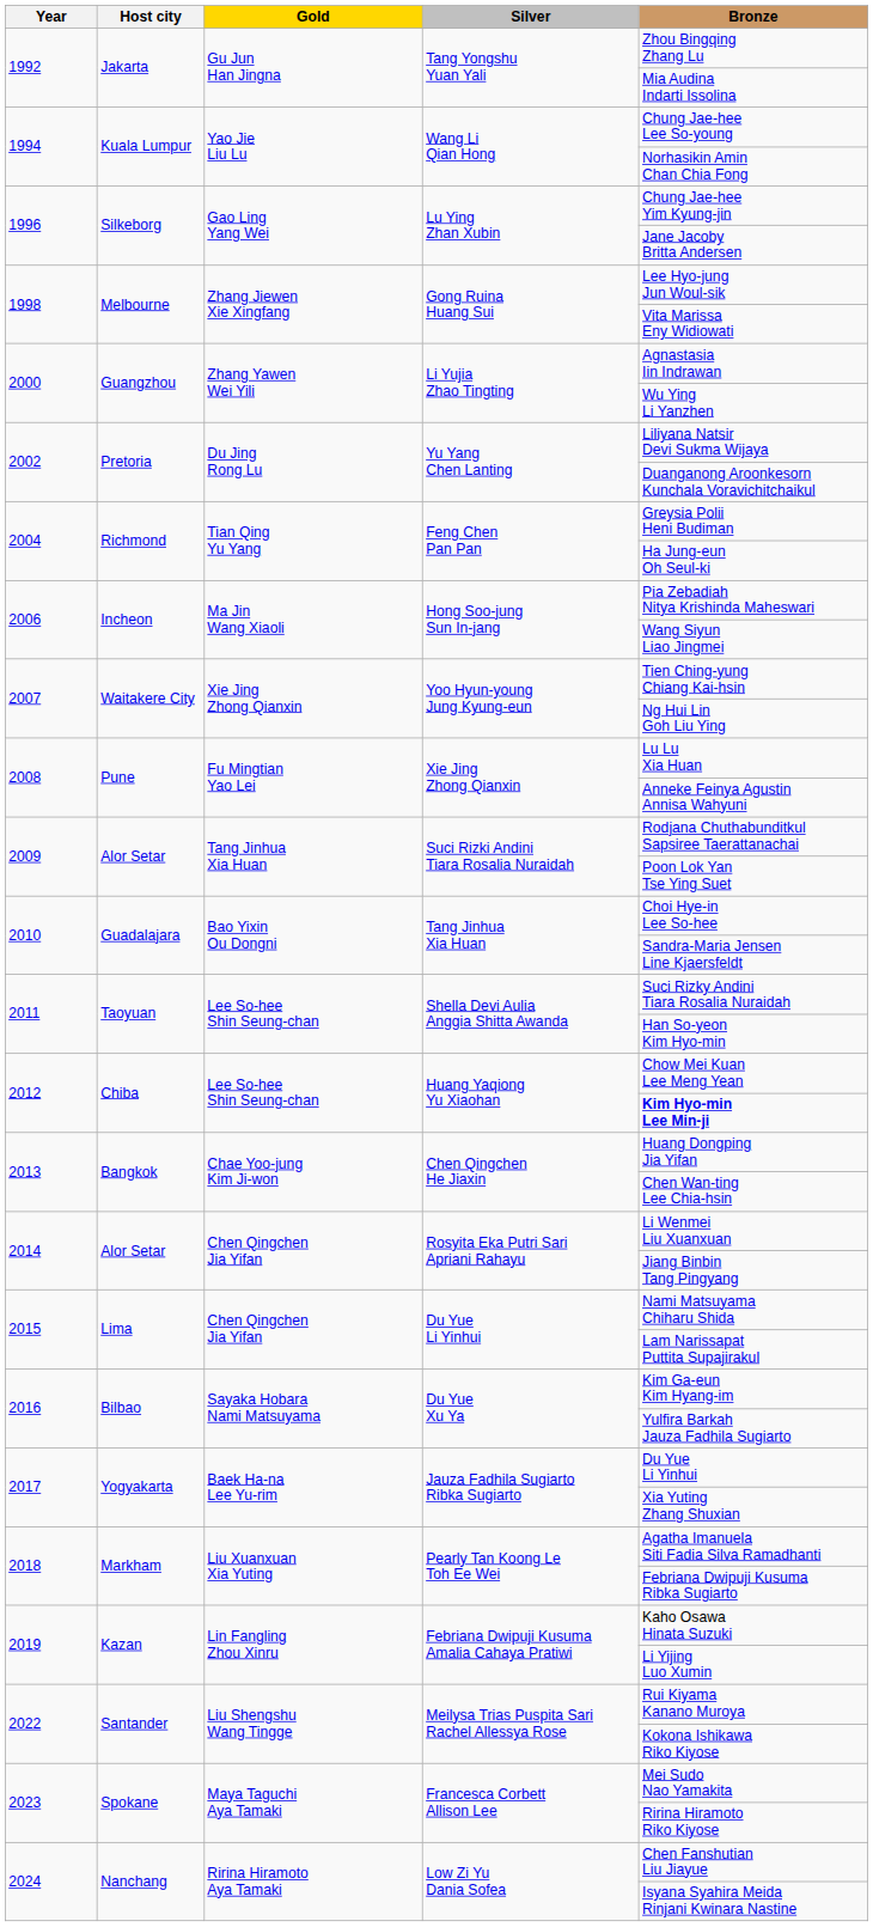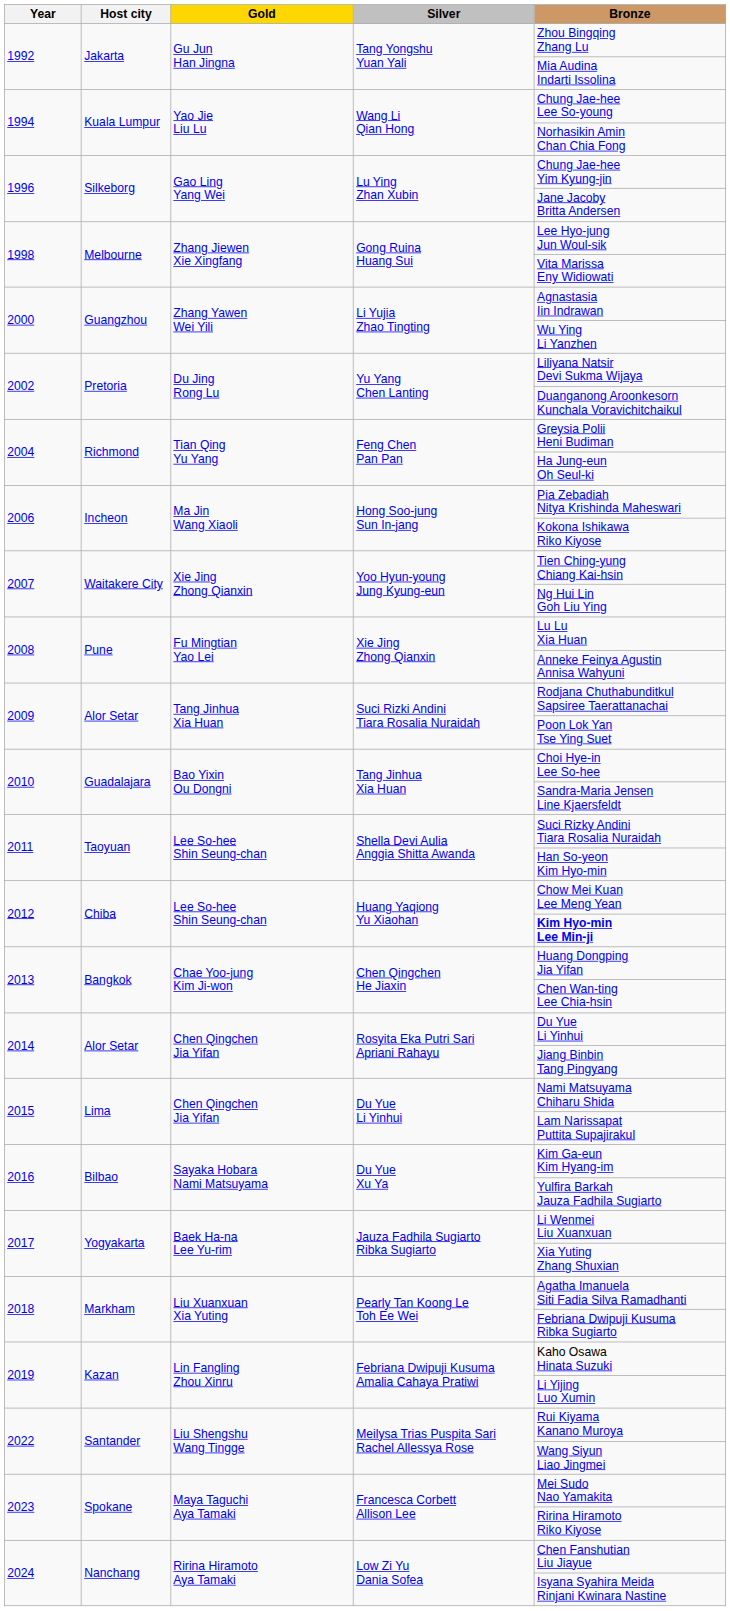 <table class="wikitable" style="text-align: left; width: 950px;">
 <tr>
 <th width="120">Year</th>
 <th width="120">Host city</th>
 <th width="300" style="background-color: gold">Gold</th>
 <th width="300" style="background-color: silver">Silver</th>
 <th width="300" style="background-color: #cc9966">Bronze</th>
 </tr>
 <tr>
 <td rowspan="2"><a href='#'>1992</a></td>
 <td rowspan="2"><a href='#'>Jakarta</a></td>
 <td rowspan="2"> <a href='#'>Gu Jun</a><br> <a href='#'>Han Jingna</a></td>
 <td rowspan="2"> <a href='#'>Tang Yongshu</a><br> <a href='#'>Yuan Yali</a></td>
 <td> <a href='#'>Zhou Bingqing</a><br> <a href='#'>Zhang Lu</a></td>
 </tr>
 <tr>
 <td> <a href='#'>Mia Audina</a><br> <a href='#'>Indarti Issolina</a></td>
 </tr>
 <tr>
 <td rowspan="2"><a href='#'>1994</a></td>
 <td rowspan="2"><a href='#'>Kuala Lumpur</a></td>
 <td rowspan="2"> <a href='#'>Yao Jie</a><br> <a href='#'>Liu Lu</a></td>
 <td rowspan="2"> <a href='#'>Wang Li</a><br> <a href='#'>Qian Hong</a></td>
 <td> <a href='#'>Chung Jae-hee</a><br> <a href='#'>Lee So-young</a></td>
 </tr>
 <tr>
 <td> <a href='#'>Norhasikin Amin</a><br> <a href='#'>Chan Chia Fong</a></td>
 </tr>
 <tr>
 <td rowspan="2"><a href='#'>1996</a></td>
 <td rowspan="2"><a href='#'>Silkeborg</a></td>
 <td rowspan="2"> <a href='#'>Gao Ling</a><br> <a href='#'>Yang Wei</a></td>
 <td rowspan="2"> <a href='#'>Lu Ying</a><br> <a href='#'>Zhan Xubin</a></td>
 <td> <a href='#'>Chung Jae-hee</a><br> <a href='#'>Yim Kyung-jin</a></td>
 </tr>
 <tr>
 <td> <a href='#'>Jane Jacoby</a><br> <a href='#'>Britta Andersen</a></td>
 </tr>
 <tr>
 <td rowspan="2"><a href='#'>1998</a></td>
 <td rowspan="2"><a href='#'>Melbourne</a></td>
 <td rowspan="2"> <a href='#'>Zhang Jiewen</a><br> <a href='#'>Xie Xingfang</a></td>
 <td rowspan="2"> <a href='#'>Gong Ruina</a><br> <a href='#'>Huang Sui</a></td>
 <td> <a href='#'>Lee Hyo-jung</a><br> <a href='#'>Jun Woul-sik</a></td>
 </tr>
 <tr>
 <td> <a href='#'>Vita Marissa</a><br> <a href='#'>Eny Widiowati</a></td>
 </tr>
 <tr>
 <td rowspan="2"><a href='#'>2000</a></td>
 <td rowspan="2"><a href='#'>Guangzhou</a></td>
 <td rowspan="2"> <a href='#'>Zhang Yawen</a><br> <a href='#'>Wei Yili</a></td>
 <td rowspan="2"> <a href='#'>Li Yujia</a><br> <a href='#'>Zhao Tingting</a></td>
 <td> <a href='#'>Agnastasia</a><br> <a href='#'>Iin Indrawan</a></td>
 </tr>
 <tr>
 <td> <a href='#'>Wu Ying</a><br> <a href='#'>Li Yanzhen</a></td>
 </tr>
 <tr>
 <td rowspan="2"><a href='#'>2002</a></td>
 <td rowspan="2"><a href='#'>Pretoria</a></td>
 <td rowspan="2"> <a href='#'>Du Jing</a><br> <a href='#'>Rong Lu</a></td>
 <td rowspan="2"> <a href='#'>Yu Yang</a><br> <a href='#'>Chen Lanting</a></td>
 <td> <a href='#'>Liliyana Natsir</a><br> <a href='#'>Devi Sukma Wijaya</a></td>
 </tr>
 <tr>
 <td> <a href='#'>Duanganong Aroonkesorn</a><br> <a href='#'>Kunchala Voravichitchaikul</a></td>
 </tr>
 <tr>
 <td rowspan="2"><a href='#'>2004</a></td>
 <td rowspan="2"><a href='#'>Richmond</a></td>
 <td rowspan="2"> <a href='#'>Tian Qing</a><br> <a href='#'>Yu Yang</a></td>
 <td rowspan="2"> <a href='#'>Feng Chen</a><br> <a href='#'>Pan Pan</a></td>
 <td> <a href='#'>Greysia Polii</a><br> <a href='#'>Heni Budiman</a></td>
 </tr>
 <tr>
 <td> <a href='#'>Ha Jung-eun</a><br> <a href='#'>Oh Seul-ki</a></td>
 </tr>
 <tr>
 <td rowspan="2"><a href='#'>2006</a></td>
 <td rowspan="2"><a href='#'>Incheon</a></td>
 <td rowspan="2"> <a href='#'>Ma Jin</a><br> <a href='#'>Wang Xiaoli</a></td>
 <td rowspan="2"> <a href='#'>Hong Soo-jung</a><br> <a href='#'>Sun In-jang</a></td>
 <td> <a href='#'>Pia Zebadiah</a><br> <a href='#'>Nitya Krishinda Maheswari</a></td>
 </tr>
 <tr>
-<td> <a href='#'>Wang Siyun</a><br> <a href='#'>Liao Jingmei</a></td>
+<td> <a href='#'>Kokona Ishikawa</a><br> <a href='#'>Riko Kiyose</a></td>
 </tr>
 <tr>
 <td rowspan="2"><a href='#'>2007</a></td>
 <td rowspan="2"><a href='#'>Waitakere City</a></td>
 <td rowspan="2"> <a href='#'>Xie Jing</a><br> <a href='#'>Zhong Qianxin</a></td>
 <td rowspan="2"> <a href='#'>Yoo Hyun-young</a><br> <a href='#'>Jung Kyung-eun</a></td>
 <td> <a href='#'>Tien Ching-yung</a><br> <a href='#'>Chiang Kai-hsin</a></td>
 </tr>
 <tr>
 <td> <a href='#'>Ng Hui Lin</a><br> <a href='#'>Goh Liu Ying</a></td>
 </tr>
 <tr>
 <td rowspan="2"><a href='#'>2008</a></td>
 <td rowspan="2"><a href='#'>Pune</a></td>
 <td rowspan="2"> <a href='#'>Fu Mingtian</a><br> <a href='#'>Yao Lei</a></td>
 <td rowspan="2"> <a href='#'>Xie Jing</a><br> <a href='#'>Zhong Qianxin</a></td>
 <td> <a href='#'>Lu Lu</a><br> <a href='#'>Xia Huan</a></td>
 </tr>
 <tr>
 <td> <a href='#'>Anneke Feinya Agustin</a><br> <a href='#'>Annisa Wahyuni</a></td>
 </tr>
 <tr>
 <td rowspan="2"><a href='#'>2009</a></td>
 <td rowspan="2"><a href='#'>Alor Setar</a></td>
 <td rowspan="2"> <a href='#'>Tang Jinhua</a><br> <a href='#'>Xia Huan</a></td>
 <td rowspan="2"> <a href='#'>Suci Rizki Andini</a><br> <a href='#'>Tiara Rosalia Nuraidah</a></td>
 <td> <a href='#'>Rodjana Chuthabunditkul</a><br> <a href='#'>Sapsiree Taerattanachai</a></td>
 </tr>
 <tr>
 <td> <a href='#'>Poon Lok Yan</a><br> <a href='#'>Tse Ying Suet</a></td>
 </tr>
 <tr>
 <td rowspan="2"><a href='#'>2010</a></td>
 <td rowspan="2"><a href='#'>Guadalajara</a></td>
 <td rowspan="2"> <a href='#'>Bao Yixin</a><br> <a href='#'>Ou Dongni</a></td>
 <td rowspan="2"> <a href='#'>Tang Jinhua</a><br> <a href='#'>Xia Huan</a></td>
 <td> <a href='#'>Choi Hye-in</a><br> <a href='#'>Lee So-hee</a></td>
 </tr>
 <tr>
 <td> <a href='#'>Sandra-Maria Jensen</a><br> <a href='#'>Line Kjaersfeldt</a></td>
 </tr>
 <tr>
 <td rowspan="2"><a href='#'>2011</a></td>
 <td rowspan="2"><a href='#'>Taoyuan</a></td>
 <td rowspan="2"> <a href='#'>Lee So-hee</a><br> <a href='#'>Shin Seung-chan</a></td>
 <td rowspan="2"> <a href='#'>Shella Devi Aulia</a><br> <a href='#'>Anggia Shitta Awanda</a></td>
 <td> <a href='#'>Suci Rizky Andini</a><br> <a href='#'>Tiara Rosalia Nuraidah</a></td>
 </tr>
 <tr>
 <td> <a href='#'>Han So-yeon</a><br> <a href='#'>Kim Hyo-min</a></td>
 </tr>
 <tr>
 <td rowspan="2"><a href='#'>2012</a></td>
 <td rowspan="2"><a href='#'>Chiba</a></td>
 <td rowspan="2"> <a href='#'>Lee So-hee</a><br> <a href='#'>Shin Seung-chan</a></td>
 <td rowspan="2"> <a href='#'>Huang Yaqiong</a><br> <a href='#'>Yu Xiaohan</a></td>
 <td> <a href='#'>Chow Mei Kuan</a><br> <a href='#'>Lee Meng Yean</a></td>
 </tr>
 <tr>
 <td><strong> <a href='#'>Kim Hyo-min</a><br> <a href='#'>Lee Min-ji</a></strong></td>
 </tr>
 <tr>
 <td rowspan="2"><a href='#'>2013</a></td>
 <td rowspan="2"><a href='#'>Bangkok</a></td>
 <td rowspan="2"> <a href='#'>Chae Yoo-jung</a><br> <a href='#'>Kim Ji-won</a></td>
 <td rowspan="2"> <a href='#'>Chen Qingchen</a><br> <a href='#'>He Jiaxin</a></td>
 <td> <a href='#'>Huang Dongping</a><br> <a href='#'>Jia Yifan</a></td>
 </tr>
 <tr>
 <td> <a href='#'>Chen Wan-ting</a><br> <a href='#'>Lee Chia-hsin</a></td>
 </tr>
 <tr>
 <td rowspan="2"><a href='#'>2014</a></td>
 <td rowspan="2"><a href='#'>Alor Setar</a></td>
 <td rowspan="2"> <a href='#'>Chen Qingchen</a><br> <a href='#'>Jia Yifan</a></td>
 <td rowspan="2"> <a href='#'>Rosyita Eka Putri Sari</a><br> <a href='#'>Apriani Rahayu</a></td>
-<td> <a href='#'>Li Wenmei</a><br> <a href='#'>Liu Xuanxuan</a></td>
+<td> <a href='#'>Du Yue</a><br> <a href='#'>Li Yinhui</a></td>
 </tr>
 <tr>
 <td> <a href='#'>Jiang Binbin</a><br> <a href='#'>Tang Pingyang</a></td>
 </tr>
 <tr>
 <td rowspan="2"><a href='#'>2015</a></td>
 <td rowspan="2"><a href='#'>Lima</a></td>
 <td rowspan="2"> <a href='#'>Chen Qingchen</a><br> <a href='#'>Jia Yifan</a></td>
 <td rowspan="2"> <a href='#'>Du Yue</a><br> <a href='#'>Li Yinhui</a></td>
 <td> <a href='#'>Nami Matsuyama</a><br> <a href='#'>Chiharu Shida</a></td>
 </tr>
 <tr>
 <td> <a href='#'>Lam Narissapat</a><br> <a href='#'>Puttita Supajirakul</a></td>
 </tr>
 <tr>
 <td rowspan="2"><a href='#'>2016</a></td>
 <td rowspan="2"><a href='#'>Bilbao</a></td>
 <td rowspan="2"> <a href='#'>Sayaka Hobara</a><br> <a href='#'>Nami Matsuyama</a></td>
 <td rowspan="2"> <a href='#'>Du Yue</a><br> <a href='#'>Xu Ya</a></td>
 <td> <a href='#'>Kim Ga-eun</a><br> <a href='#'>Kim Hyang-im</a></td>
 </tr>
 <tr>
 <td> <a href='#'>Yulfira Barkah</a><br> <a href='#'>Jauza Fadhila Sugiarto</a></td>
 </tr>
 <tr>
 <td rowspan="2"><a href='#'>2017</a></td>
 <td rowspan="2"><a href='#'>Yogyakarta</a></td>
 <td rowspan="2"> <a href='#'>Baek Ha-na</a><br> <a href='#'>Lee Yu-rim</a></td>
 <td rowspan="2"> <a href='#'>Jauza Fadhila Sugiarto</a><br> <a href='#'>Ribka Sugiarto</a></td>
-<td> <a href='#'>Du Yue</a><br> <a href='#'>Li Yinhui</a></td>
+<td> <a href='#'>Li Wenmei</a><br> <a href='#'>Liu Xuanxuan</a></td>
 </tr>
 <tr>
 <td> <a href='#'>Xia Yuting</a><br> <a href='#'>Zhang Shuxian</a></td>
 </tr>
 <tr>
 <td rowspan="2"><a href='#'>2018</a></td>
 <td rowspan="2"><a href='#'>Markham</a></td>
 <td rowspan="2"> <a href='#'>Liu Xuanxuan</a><br> <a href='#'>Xia Yuting</a></td>
 <td rowspan="2"> <a href='#'>Pearly Tan Koong Le</a><br> <a href='#'>Toh Ee Wei</a></td>
 <td> <a href='#'>Agatha Imanuela</a><br> <a href='#'>Siti Fadia Silva Ramadhanti</a></td>
 </tr>
 <tr>
 <td> <a href='#'>Febriana Dwipuji Kusuma</a><br> <a href='#'>Ribka Sugiarto</a></td>
 </tr>
 <tr>
 <td rowspan="2"><a href='#'>2019</a></td>
 <td rowspan="2"><a href='#'>Kazan</a></td>
 <td rowspan="2"> <a href='#'>Lin Fangling</a><br> <a href='#'>Zhou Xinru</a></td>
 <td rowspan="2"> <a href='#'>Febriana Dwipuji Kusuma</a><br> <a href='#'>Amalia Cahaya Pratiwi</a></td>
 <td> Kaho Osawa<br> <a href='#'>Hinata Suzuki</a></td>
 </tr>
 <tr>
 <td> <a href='#'>Li Yijing</a><br> <a href='#'>Luo Xumin</a></td>
 </tr>
 <tr>
 <td rowspan="2"><a href='#'>2022</a></td>
 <td rowspan="2"><a href='#'>Santander</a></td>
 <td rowspan="2"> <a href='#'>Liu Shengshu</a><br> <a href='#'>Wang Tingge</a></td>
 <td rowspan="2"> <a href='#'>Meilysa Trias Puspita Sari</a><br> <a href='#'>Rachel Allessya Rose</a></td>
 <td> <a href='#'>Rui Kiyama</a><br> <a href='#'>Kanano Muroya</a></td>
 </tr>
 <tr>
-<td> <a href='#'>Kokona Ishikawa</a><br> <a href='#'>Riko Kiyose</a></td>
+<td> <a href='#'>Wang Siyun</a><br> <a href='#'>Liao Jingmei</a></td>
 </tr>
 <tr>
 <td rowspan="2"><a href='#'>2023</a></td>
 <td rowspan="2"><a href='#'>Spokane</a></td>
 <td rowspan="2"> <a href='#'>Maya Taguchi</a><br> <a href='#'>Aya Tamaki</a></td>
 <td rowspan="2"> <a href='#'>Francesca Corbett</a><br> <a href='#'>Allison Lee</a></td>
 <td> <a href='#'>Mei Sudo</a><br> <a href='#'>Nao Yamakita</a></td>
 </tr>
 <tr>
 <td> <a href='#'>Ririna Hiramoto</a><br> <a href='#'>Riko Kiyose</a></td>
 </tr>
 <tr>
 <td rowspan="2"><a href='#'>2024</a></td>
 <td rowspan="2"><a href='#'>Nanchang</a></td>
 <td rowspan="2"> <a href='#'>Ririna Hiramoto</a><br> <a href='#'>Aya Tamaki</a></td>
 <td rowspan="2"> <a href='#'>Low Zi Yu</a><br> <a href='#'>Dania Sofea</a></td>
 <td> <a href='#'>Chen Fanshutian</a><br> <a href='#'>Liu Jiayue</a></td>
 </tr>
 <tr>
 <td> <a href='#'>Isyana Syahira Meida</a><br> <a href='#'>Rinjani Kwinara Nastine</a></td>
 </tr>
 </table>
